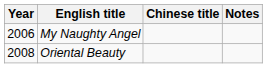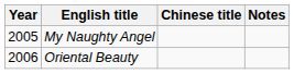 <table class="wikitable sortable">
 <tr>
 <th>Year</th>
 <th>English title</th>
 <th>Chinese title</th>
 <th>Notes</th>
 </tr>
 <tr>
-<td>2006</td>
+<td>2005</td>
 <td><em>My Naughty Angel</em></td>
 <td></td>
 <td></td>
 </tr>
 <tr>
-<td>2008</td>
+<td>2006</td>
 <td><em>Oriental Beauty</em></td>
 <td></td>
 <td></td>
 </tr>
 </table>
